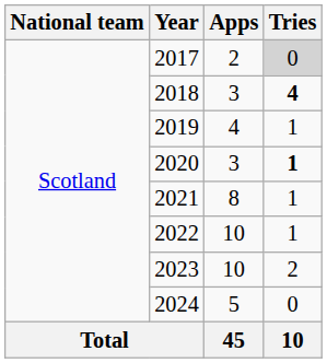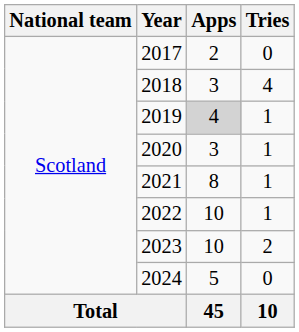 <table class=wikitable style="text-align:center">
 <tr>
 <th>National team</th>
 <th>Year</th>
 <th>Apps</th>
 <th>Tries</th>
 </tr>
 <tr>
 <td rowspan="8"><a href='#'>Scotland</a></td>
 <td>2017</td>
 <td>2</td>
-<td style="background: lightgrey;">0</td>
+<td>0</td>
 </tr>
 <tr>
 <td>2018</td>
 <td>3</td>
-<td><strong>4</strong></td>
+<td>4</td>
 </tr>
 <tr>
 <td>2019</td>
-<td>4</td>
+<td style="background: lightgrey;">4</td>
 <td>1</td>
 </tr>
 <tr>
 <td>2020</td>
 <td>3</td>
-<td><strong>1</strong></td>
+<td>1</td>
 </tr>
 <tr>
 <td>2021</td>
 <td>8</td>
 <td>1</td>
 </tr>
 <tr>
 <td>2022</td>
 <td>10</td>
 <td>1</td>
 </tr>
 <tr>
 <td>2023</td>
 <td>10</td>
 <td>2</td>
 </tr>
 <tr>
 <td>2024</td>
 <td>5</td>
 <td>0</td>
 </tr>
 <tr>
 <th colspan="2">Total</th>
 <th>45</th>
 <th>10</th>
 </tr>
 </table>
